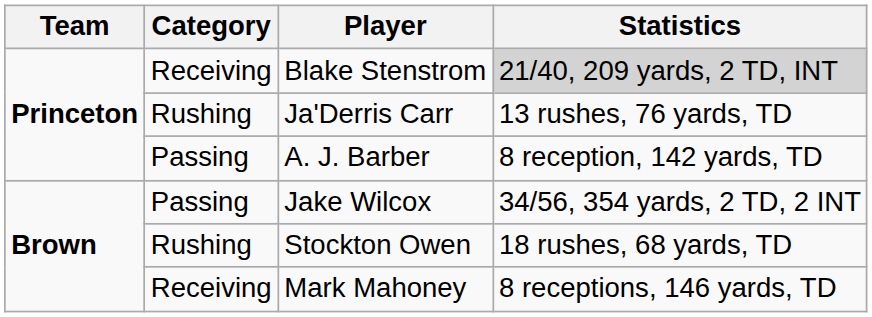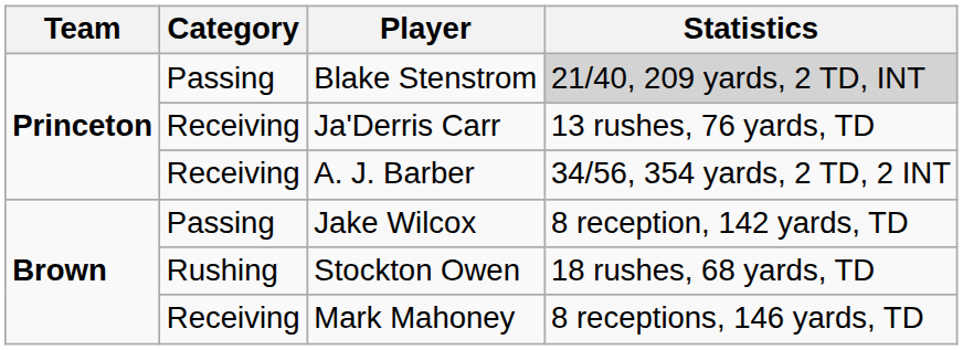 <table class="wikitable" style="float: left;">
 <tr>
 <th>Team</th>
 <th>Category</th>
 <th>Player</th>
 <th>Statistics</th>
 </tr>
 <tr>
 <td rowspan=3><strong>Princeton</strong></td>
-<td>Receiving</td>
+<td>Passing</td>
 <td>Blake Stenstrom</td>
 <td style="background: lightgrey;">21/40, 209 yards, 2 TD, INT</td>
 </tr>
 <tr>
-<td>Rushing</td>
+<td>Receiving</td>
 <td>Ja'Derris Carr</td>
 <td>13 rushes, 76 yards, TD</td>
 </tr>
 <tr>
-<td>Passing</td>
+<td>Receiving</td>
 <td>A. J. Barber</td>
-<td>8 reception, 142 yards, TD</td>
+<td>34/56, 354 yards, 2 TD, 2 INT</td>
 </tr>
 <tr>
 <td rowspan=3><strong>Brown</strong></td>
 <td>Passing</td>
 <td>Jake Wilcox</td>
-<td>34/56, 354 yards, 2 TD, 2 INT</td>
+<td>8 reception, 142 yards, TD</td>
 </tr>
 <tr>
 <td>Rushing</td>
 <td>Stockton Owen</td>
 <td>18 rushes, 68 yards, TD</td>
 </tr>
 <tr>
 <td>Receiving</td>
 <td>Mark Mahoney</td>
 <td>8 receptions, 146 yards, TD</td>
 </tr>
 </table>
